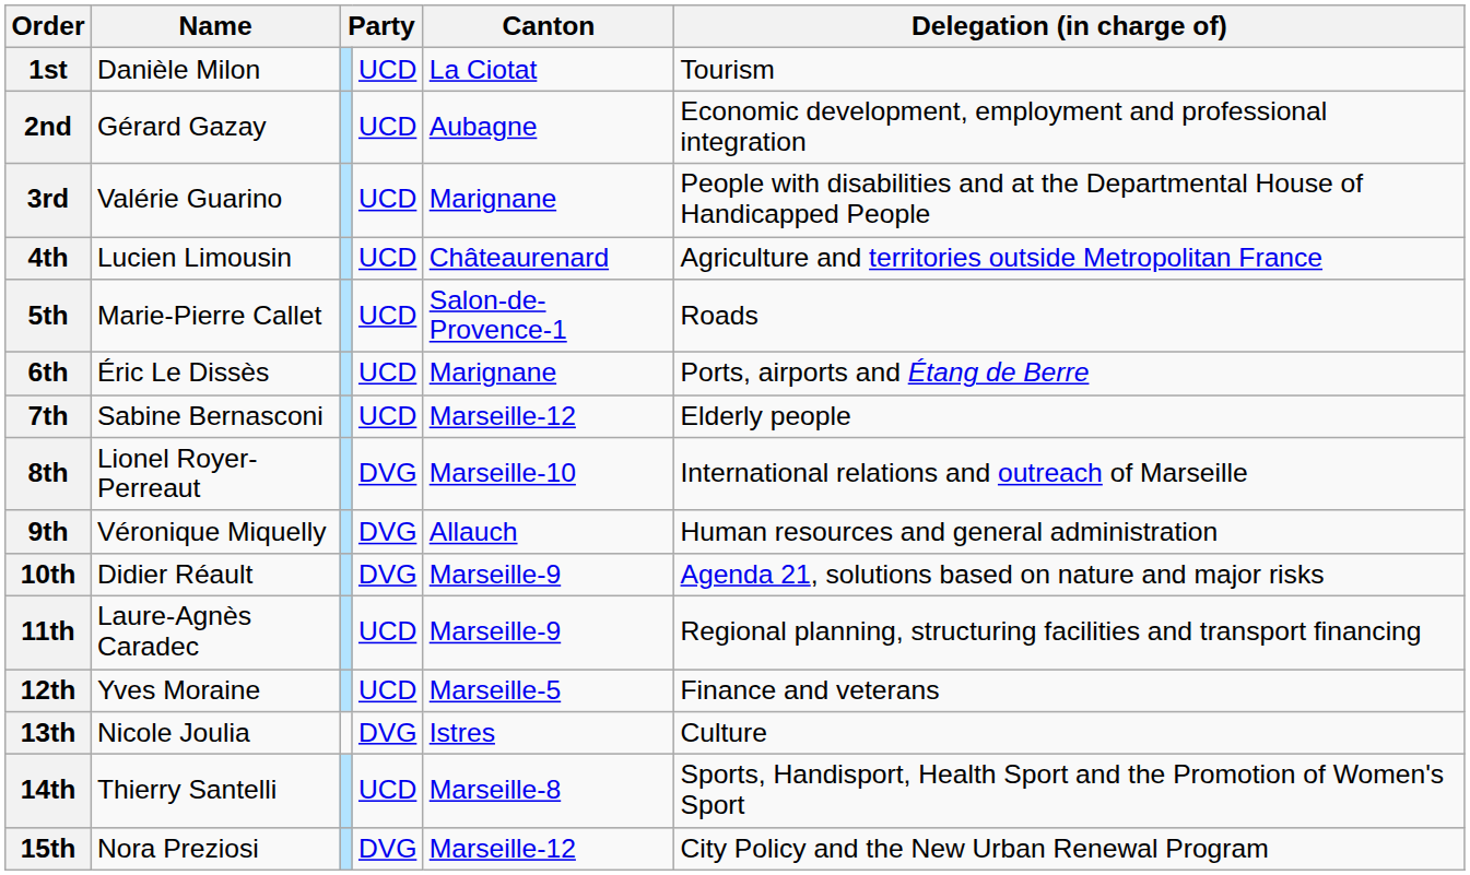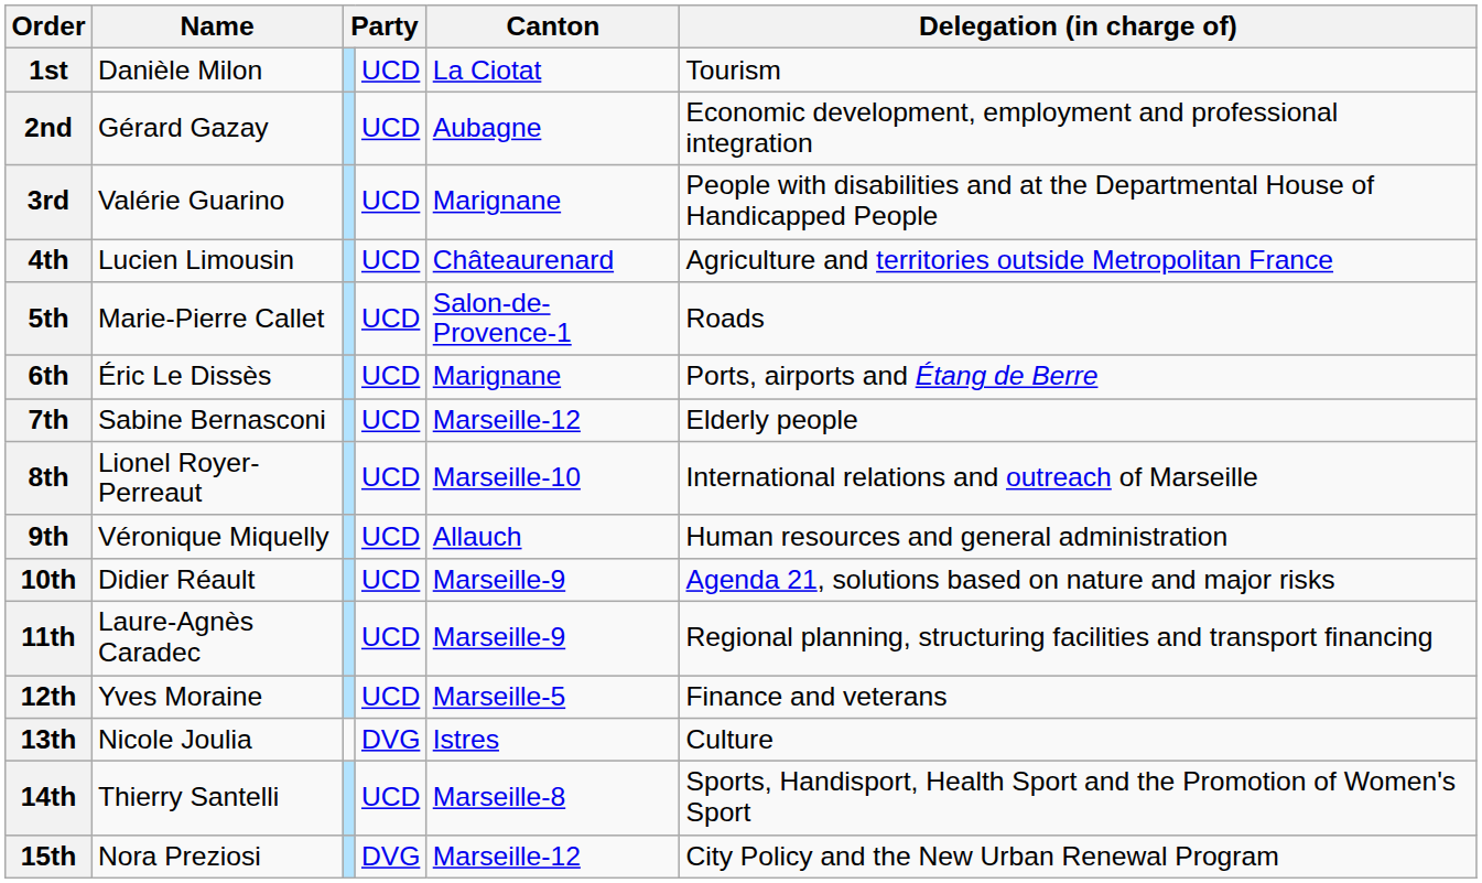 <table class="wikitable">
 <tr>
 <th>Order</th>
 <th>Name</th>
 <th colspan="2">Party</th>
 <th>Canton</th>
 <th>Delegation (in charge of)</th>
 </tr>
 <tr>
 <th><abbr>1st</abbr></th>
 <td>Danièle Milon</td>
 <td style="background-color:#B2E3FF"></td>
 <td><a href='#'>UCD</a></td>
 <td><a href='#'>La Ciotat</a></td>
 <td>Tourism</td>
 </tr>
 <tr>
 <th><abbr>2nd</abbr></th>
 <td>Gérard Gazay</td>
 <td style="background-color:#B2E3FF"></td>
 <td><a href='#'>UCD</a></td>
 <td><a href='#'>Aubagne</a></td>
 <td>Economic development, employment and professional integration</td>
 </tr>
 <tr>
 <th><abbr>3rd</abbr></th>
 <td>Valérie Guarino</td>
 <td style="background-color:#B2E3FF"></td>
 <td><a href='#'>UCD</a></td>
 <td><a href='#'>Marignane</a></td>
 <td>People with disabilities and at the Departmental House of Handicapped People</td>
 </tr>
 <tr>
 <th><abbr>4th</abbr></th>
 <td>Lucien Limousin</td>
 <td style="background-color:#B2E3FF"></td>
 <td><a href='#'>UCD</a></td>
 <td><a href='#'>Châteaurenard</a></td>
 <td>Agriculture and <a href='#'>territories outside Metropolitan France</a></td>
 </tr>
 <tr>
 <th><abbr>5th</abbr></th>
 <td>Marie-Pierre Callet</td>
 <td style="background-color:#B2E3FF"></td>
 <td><a href='#'>UCD</a></td>
 <td><a href='#'>Salon-de-Provence-1</a></td>
 <td>Roads</td>
 </tr>
 <tr>
 <th><abbr>6th</abbr></th>
 <td>Éric Le Dissès</td>
 <td style="background-color:#B2E3FF"></td>
 <td><a href='#'>UCD</a></td>
 <td><a href='#'>Marignane</a></td>
 <td>Ports, airports and <em><a href='#'>Étang de Berre</a></em></td>
 </tr>
 <tr>
 <th><abbr>7th</abbr></th>
 <td>Sabine Bernasconi</td>
 <td style="background-color:#B2E3FF"></td>
 <td><a href='#'>UCD</a></td>
 <td><a href='#'>Marseille-12</a></td>
 <td>Elderly people</td>
 </tr>
 <tr>
 <th><abbr>8th</abbr></th>
 <td>Lionel Royer-Perreaut</td>
 <td style="background-color:#B2E3FF"></td>
-<td><a href='#'>DVG</a></td>
+<td><a href='#'>UCD</a></td>
 <td><a href='#'>Marseille-10</a></td>
 <td>International relations and <a href='#'>outreach</a> of Marseille</td>
 </tr>
 <tr>
 <th><abbr>9th</abbr></th>
 <td>Véronique Miquelly</td>
 <td style="background-color:#B2E3FF"></td>
-<td><a href='#'>DVG</a></td>
+<td><a href='#'>UCD</a></td>
 <td><a href='#'>Allauch</a></td>
 <td>Human resources and general administration</td>
 </tr>
 <tr>
 <th><abbr>10th</abbr></th>
 <td>Didier Réault</td>
 <td style="background-color:#B2E3FF"></td>
-<td><a href='#'>DVG</a></td>
+<td><a href='#'>UCD</a></td>
 <td><a href='#'>Marseille-9</a></td>
 <td><a href='#'>Agenda 21</a>, solutions based on nature and major risks</td>
 </tr>
 <tr>
 <th><abbr>11th</abbr></th>
 <td>Laure-Agnès Caradec</td>
 <td style="background-color:#B2E3FF"></td>
 <td><a href='#'>UCD</a></td>
 <td><a href='#'>Marseille-9</a></td>
 <td>Regional planning, structuring facilities and transport financing</td>
 </tr>
 <tr>
 <th><abbr>12th</abbr></th>
 <td>Yves Moraine</td>
 <td style="background-color:#B2E3FF"></td>
 <td><a href='#'>UCD</a></td>
 <td><a href='#'>Marseille-5</a></td>
 <td>Finance and veterans</td>
 </tr>
 <tr>
 <th><abbr>13th</abbr></th>
 <td>Nicole Joulia</td>
 <td style="background-color: "></td>
 <td><a href='#'>DVG</a></td>
 <td><a href='#'>Istres</a></td>
 <td>Culture</td>
 </tr>
 <tr>
 <th><abbr>14th</abbr></th>
 <td>Thierry Santelli</td>
 <td style="background-color:#B2E3FF"></td>
 <td><a href='#'>UCD</a></td>
 <td><a href='#'>Marseille-8</a></td>
 <td>Sports, Handisport, Health Sport and the Promotion of Women's Sport</td>
 </tr>
 <tr>
 <th><abbr>15th</abbr></th>
 <td>Nora Preziosi</td>
 <td style="background-color:#B2E3FF"></td>
 <td><a href='#'>DVG</a></td>
 <td><a href='#'>Marseille-12</a></td>
 <td>City Policy and the New Urban Renewal Program</td>
 </tr>
 </table>
